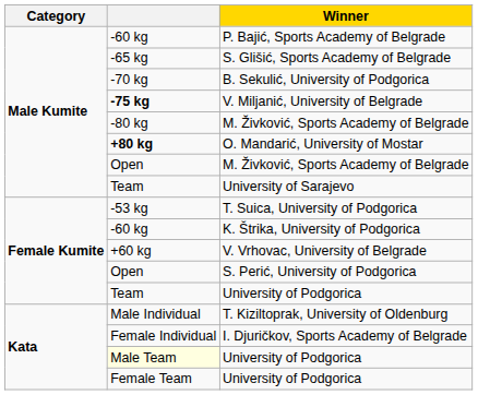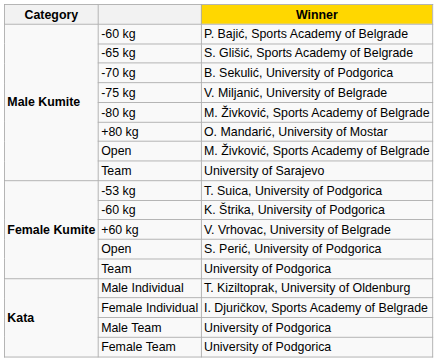 <table class=wikitable style="font-size:90%;">
 <tr>
 <th>Category</th>
 <th></th>
 <th style="background:#FFD700;">Winner</th>
 </tr>
 <tr>
 <td rowspan=8><strong>Male Kumite</strong></td>
 <td>-60 kg</td>
 <td>P. Bajić, Sports Academy of Belgrade<br> </td>
 </tr>
 <tr>
 <td>-65 kg</td>
 <td>S. Glišić, Sports Academy of Belgrade <br></td>
 </tr>
 <tr>
 <td>-70 kg</td>
 <td>B. Sekulić, University of Podgorica <br></td>
 </tr>
 <tr>
-<td><strong>-75 kg</strong></td>
+<td>-75 kg</td>
 <td>V. Miljanić, University of Belgrade  <br></td>
 </tr>
 <tr>
 <td>-80 kg</td>
 <td>M. Živković, Sports Academy of Belgrade <br></td>
 </tr>
 <tr>
-<td><strong>+80 kg</strong></td>
+<td>+80 kg</td>
 <td>O. Mandarić, University of Mostar <br></td>
 </tr>
 <tr>
 <td>Open</td>
 <td>M. Živković, Sports Academy of Belgrade <br></td>
 </tr>
 <tr>
 <td>Team</td>
 <td>University of Sarajevo <br></td>
 </tr>
 <tr>
 <td rowspan=5><strong>Female Kumite</strong></td>
 <td>-53 kg</td>
 <td>T. Suica, University of Podgorica <br> </td>
 </tr>
 <tr>
 <td>-60 kg</td>
 <td>K. Štrika, University of Podgorica <br> </td>
 </tr>
 <tr>
 <td>+60 kg</td>
 <td>V. Vrhovac, University of Belgrade <br> </td>
 </tr>
 <tr>
 <td>Open</td>
 <td>S. Perić, University of Podgorica <br> </td>
 </tr>
 <tr>
 <td>Team</td>
 <td>University of Podgorica <br> </td>
 </tr>
 <tr>
 <td rowspan=4><strong>Kata</strong></td>
 <td>Male Individual</td>
 <td>T. Kiziltoprak, University of Oldenburg<br> </td>
 </tr>
 <tr>
 <td>Female Individual</td>
 <td>I. Djuričkov, Sports Academy of Belgrade <br> </td>
 </tr>
 <tr>
-<td style="background: lightyellow;">Male Team</td>
+<td>Male Team</td>
 <td>University of Podgorica <br> </td>
 </tr>
 <tr>
 <td>Female Team</td>
 <td>University of Podgorica <br> </td>
 </tr>
 </table>
